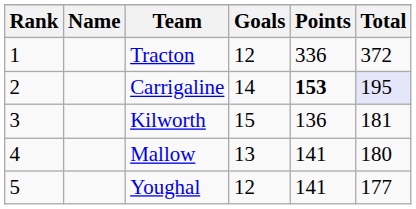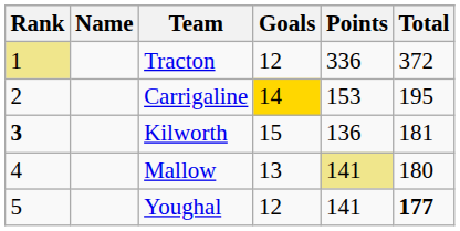 <table class="wikitable sortable">
 <tr>
 </tr>
 <tr>
 <th>Rank</th>
 <th>Name</th>
 <th>Team</th>
 <th>Goals</th>
 <th>Points</th>
 <th>Total</th>
 </tr>
 <tr>
-<td>1</td>
+<td style="background: khaki;">1</td>
 <td></td>
 <td><a href='#'>Tracton</a></td>
 <td>12</td>
 <td>336</td>
 <td>372</td>
 </tr>
 <tr>
 <td>2</td>
 <td><strong></strong></td>
 <td><a href='#'>Carrigaline</a></td>
-<td>14</td>
-<td><strong>153</strong></td>
-<td style="background: lavender;">195</td>
+<td style="background: gold;">14</td>
+<td>153</td>
+<td>195</td>
 </tr>
 <tr>
-<td>3</td>
+<td><strong>3</strong></td>
 <td><strong></strong></td>
 <td><a href='#'>Kilworth</a></td>
 <td>15</td>
 <td>136</td>
 <td>181</td>
 </tr>
 <tr>
 <td>4</td>
 <td><strong></strong></td>
 <td><a href='#'>Mallow</a></td>
 <td>13</td>
-<td>141</td>
+<td style="background: khaki;">141</td>
 <td>180</td>
 </tr>
 <tr>
 <td>5</td>
 <td></td>
 <td><a href='#'>Youghal</a></td>
 <td>12</td>
 <td>141</td>
-<td>177</td>
+<td><strong>177</strong></td>
 </tr>
 </table>
